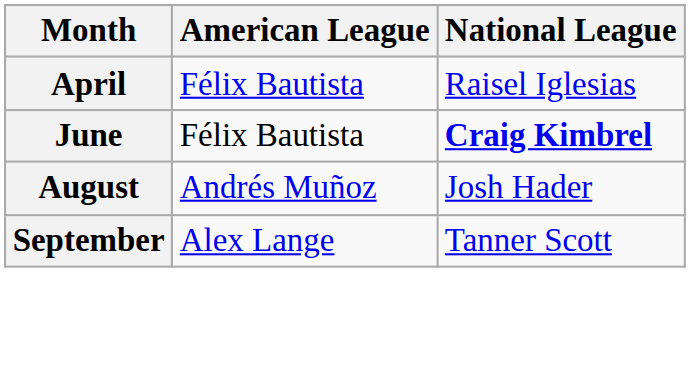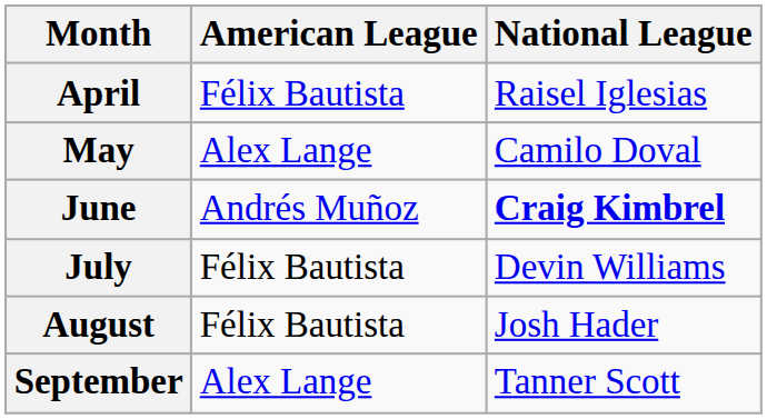 <table class="wikitable">
 <tr>
 <th>Month</th>
 <th>American League</th>
 <th>National League</th>
 </tr>
 <tr>
 <th>April</th>
 <td><a href='#'>Félix Bautista</a></td>
 <td><a href='#'>Raisel Iglesias</a></td>
 </tr>
 <tr>
+<th>May</th>
+<td><a href='#'>Alex Lange</a></td>
+<td><a href='#'>Camilo Doval</a></td>
+</tr>
+<tr>
 <th>June</th>
-<td>Félix Bautista</td>
+<td><a href='#'>Andrés Muñoz</a></td>
 <td><strong><a href='#'>Craig Kimbrel</a></strong></td>
 </tr>
 <tr>
+<th>July</th>
+<td>Félix Bautista</td>
+<td><a href='#'>Devin Williams</a></td>
+</tr>
+<tr>
 <th>August</th>
-<td><a href='#'>Andrés Muñoz</a></td>
+<td>Félix Bautista</td>
 <td><a href='#'>Josh Hader</a></td>
 </tr>
 <tr>
 <th>September</th>
 <td><a href='#'>Alex Lange</a></td>
 <td><a href='#'>Tanner Scott</a></td>
 </tr>
 </table>
